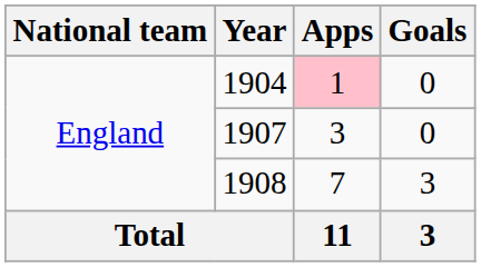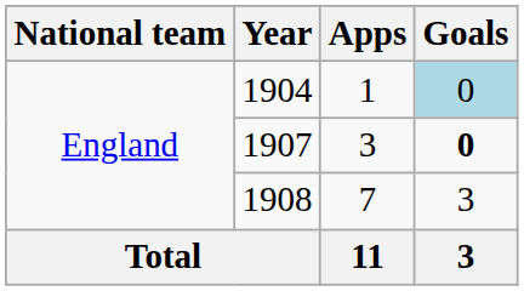 <table class=wikitable style="text-align: center">
 <tr>
 <th>National team</th>
 <th>Year</th>
 <th>Apps</th>
 <th>Goals</th>
 </tr>
 <tr>
 <td rowspan=3><a href='#'>England</a></td>
 <td>1904</td>
-<td style="background: pink;">1</td>
-<td>0</td>
+<td>1</td>
+<td style="background: lightblue;">0</td>
 </tr>
 <tr>
 <td>1907</td>
 <td>3</td>
-<td>0</td>
+<td><strong>0</strong></td>
 </tr>
 <tr>
 <td>1908</td>
 <td>7</td>
 <td>3</td>
 </tr>
 <tr>
 <th colspan=2>Total</th>
 <th>11</th>
 <th>3</th>
 </tr>
 </table>
